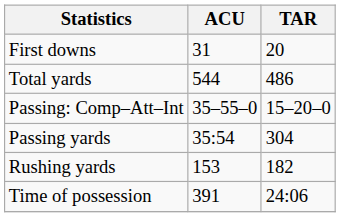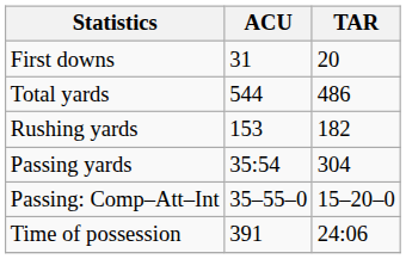 <table class="wikitable" style="float: left;">
 <tr>
 <th>Statistics</th>
 <th>ACU</th>
 <th>TAR</th>
 </tr>
 <tr>
 <td>First downs</td>
 <td>31</td>
 <td>20</td>
 </tr>
 <tr>
 <td>Total yards</td>
 <td>544</td>
 <td>486</td>
 </tr>
 <tr>
-<td>Passing: Comp–Att–Int</td>
-<td>35–55–0</td>
-<td>15–20–0</td>
+<td>Rushing yards</td>
+<td>153</td>
+<td>182</td>
 </tr>
 <tr>
 <td>Passing yards</td>
 <td>35:54</td>
 <td>304</td>
 </tr>
 <tr>
-<td>Rushing yards</td>
-<td>153</td>
-<td>182</td>
+<td>Passing: Comp–Att–Int</td>
+<td>35–55–0</td>
+<td>15–20–0</td>
 </tr>
 <tr>
 <td>Time of possession</td>
 <td>391</td>
 <td>24:06</td>
 </tr>
 <tr>
 </tr>
 </table>
